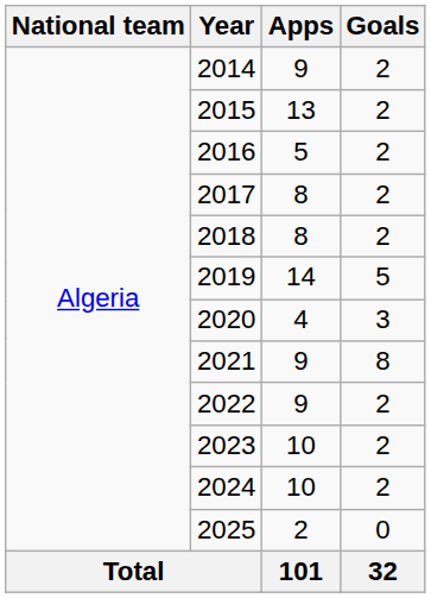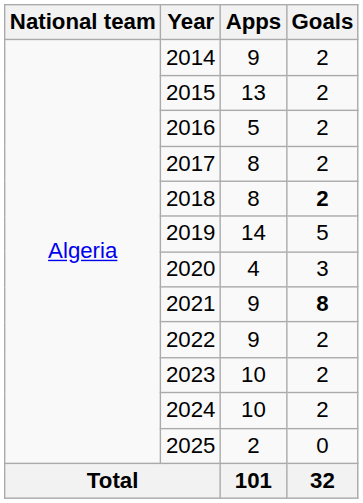 <table class="wikitable" style="text-align: center;">
 <tr>
 <th>National team</th>
 <th>Year</th>
 <th>Apps</th>
 <th>Goals</th>
 </tr>
 <tr>
 <td rowspan="12"><a href='#'>Algeria</a></td>
 <td>2014</td>
 <td>9</td>
 <td>2</td>
 </tr>
 <tr>
 <td>2015</td>
 <td>13</td>
 <td>2</td>
 </tr>
 <tr>
 <td>2016</td>
 <td>5</td>
 <td>2</td>
 </tr>
 <tr>
 <td>2017</td>
 <td>8</td>
 <td>2</td>
 </tr>
 <tr>
 <td>2018</td>
 <td>8</td>
-<td>2</td>
+<td><strong>2</strong></td>
 </tr>
 <tr>
 <td>2019</td>
 <td>14</td>
 <td>5</td>
 </tr>
 <tr>
 <td>2020</td>
 <td>4</td>
 <td>3</td>
 </tr>
 <tr>
 <td>2021</td>
 <td>9</td>
-<td>8</td>
+<td><strong>8</strong></td>
 </tr>
 <tr>
 <td>2022</td>
 <td>9</td>
 <td>2</td>
 </tr>
 <tr>
 <td>2023</td>
 <td>10</td>
 <td>2</td>
 </tr>
 <tr>
 <td>2024</td>
 <td>10</td>
 <td>2</td>
 </tr>
 <tr>
 <td>2025</td>
 <td>2</td>
 <td>0</td>
 </tr>
 <tr>
 <th colspan="2">Total</th>
 <th>101</th>
 <th>32</th>
 </tr>
 </table>
